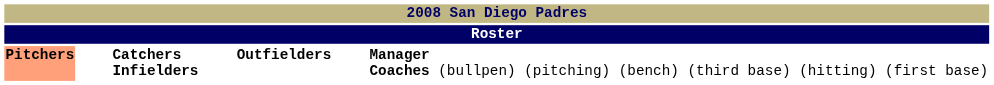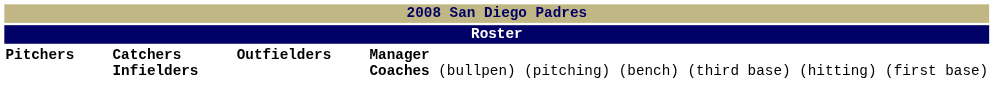 <table class="toccolours" style="font-size: 95%;">
 <tr>
 <th colspan="10" style="background-color: #C1B784; color: #000066; text-align: center;">2008 San Diego Padres</th>
 </tr>
 <tr>
 <td colspan="10" style="background-color: #000066; color: #FFFFFF; text-align: center;"><strong>Roster</strong></td>
 </tr>
 <tr>
-<td valign="top" style="background: lightsalmon;"><strong>Pitchers</strong><br>                               </td>
+<td valign="top"><strong>Pitchers</strong><br>                               </td>
 <td width="25px"></td>
 <td valign="top"><strong>Catchers</strong><br>     <strong>Infielders</strong>            </td>
 <td width="25px"></td>
 <td valign="top"><strong>Outfielders</strong><br>         </td>
 <td width="25px"></td>
 <td valign="top"><strong>Manager</strong><br> <strong>Coaches</strong>  (bullpen)  (pitching)  (bench)  (third base)  (hitting)  (first base)</td>
 </tr>
 </table>
